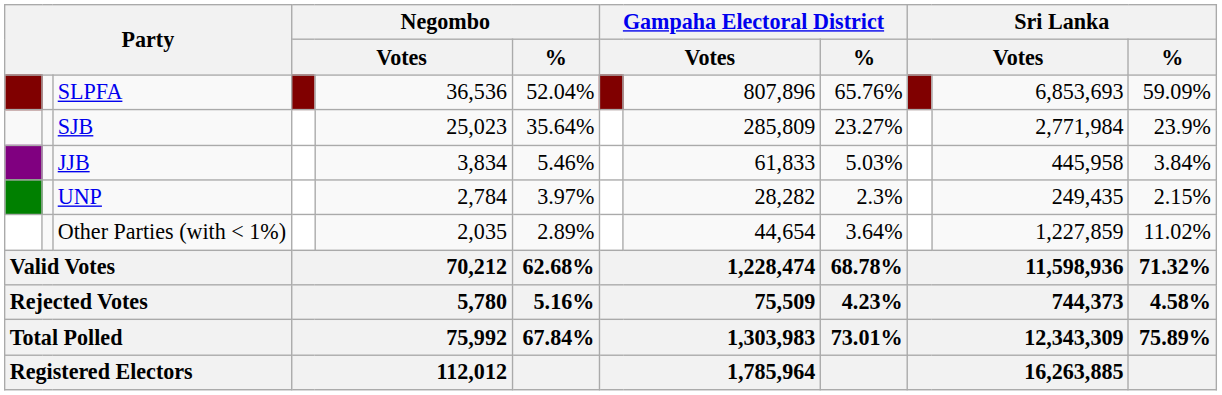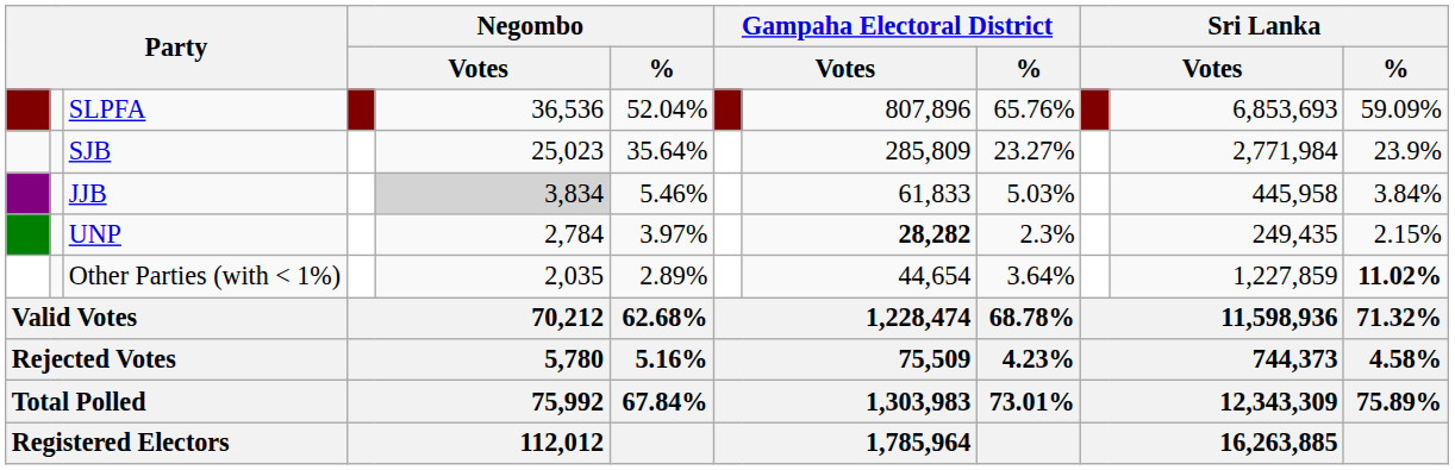 <table class="wikitable">
 <tr>
 <th colspan="3" width="144px"rowspan="2">Party</th>
 <th colspan="3" width="216px">Negombo</th>
 <th colspan="3" width="216px"><a href='#'>Gampaha Electoral District</a></th>
 <th colspan="3" width="216px">Sri Lanka</th>
 </tr>
 <tr>
 <th colspan="2" width="144px">Votes</th>
 <th>%</th>
 <th colspan="2" width="144px">Votes</th>
 <th>%</th>
 <th colspan="2" width="144px">Votes</th>
 <th>%</th>
 </tr>
 <tr>
 <td style="background-color:maroon;" width="20px"></td>
 <td></td>
 <td style="text-align:left;"><a href='#'>SLPFA</a></td>
 <td style="background-color:maroon;" width="10px"></td>
 <td style="text-align:right;">36,536</td>
 <td style="text-align:right;">52.04%</td>
 <td style="background-color:maroon;" width="10px"></td>
 <td style="text-align:right;">807,896</td>
 <td style="text-align:right;">65.76%</td>
 <td style="background-color:maroon;" width="10px"></td>
 <td style="text-align:right;">6,853,693</td>
 <td style="text-align:right;">59.09%</td>
 </tr>
 <tr>
 <td style="background-color:"></td>
 <td></td>
 <td style="text-align:left;"><a href='#'>SJB</a></td>
 <td style="background-color:white;" width="10px"></td>
 <td style="text-align:right;">25,023</td>
 <td style="text-align:right;">35.64%</td>
 <td style="background-color:white;" width="10px"></td>
 <td style="text-align:right;">285,809</td>
 <td style="text-align:right;">23.27%</td>
 <td style="background-color:white;" width="10px"></td>
 <td style="text-align:right;">2,771,984</td>
 <td style="text-align:right;">23.9%</td>
 </tr>
 <tr>
 <td style="background-color:purple;" width="20px"></td>
 <td></td>
 <td style="text-align:left;"><a href='#'>JJB</a></td>
 <td style="background-color:white;" width="10px"></td>
-<td style="text-align:right;">3,834</td>
+<td style="background: lightgrey; text-align:right;">3,834</td>
 <td style="text-align:right;">5.46%</td>
 <td style="background-color:white;" width="10px"></td>
 <td style="text-align:right;">61,833</td>
 <td style="text-align:right;">5.03%</td>
 <td style="background-color:white;" width="10px"></td>
 <td style="text-align:right;">445,958</td>
 <td style="text-align:right;">3.84%</td>
 </tr>
 <tr>
 <td style="background-color:green;" width="20px"></td>
 <td></td>
 <td style="text-align:left;"><a href='#'>UNP</a></td>
 <td style="background-color:white;" width="10px"></td>
 <td style="text-align:right;">2,784</td>
 <td style="text-align:right;">3.97%</td>
 <td style="background-color:white;" width="10px"></td>
-<td style="text-align:right;">28,282</td>
+<td style="text-align:right;"><strong>28,282</strong></td>
 <td style="text-align:right;">2.3%</td>
 <td style="background-color:white;" width="10px"></td>
 <td style="text-align:right;">249,435</td>
 <td style="text-align:right;">2.15%</td>
 </tr>
 <tr>
 <td style="background-color:white;" width="20px"></td>
 <td></td>
 <td style="text-align:left;">Other Parties (with < 1%)</td>
 <td style="background-color:white;" width="10px"></td>
 <td style="text-align:right;">2,035</td>
 <td style="text-align:right;">2.89%</td>
 <td style="background-color:white;" width="10px"></td>
 <td style="text-align:right;">44,654</td>
 <td style="text-align:right;">3.64%</td>
 <td style="background-color:white;" width="10px"></td>
 <td style="text-align:right;">1,227,859</td>
-<td style="text-align:right;">11.02%</td>
+<td style="text-align:right;"><strong>11.02%</strong></td>
 </tr>
 <tr>
 <th colspan="3" width="144px"style="text-align:left;">Valid Votes</th>
 <th style="text-align:right;"colspan="2" width="144px">70,212</th>
 <th style="text-align:right;">62.68%</th>
 <th style="text-align:right;"colspan="2" width="144px">1,228,474</th>
 <th style="text-align:right;">68.78%</th>
 <th style="text-align:right;"colspan="2" width="144px">11,598,936</th>
 <th style="text-align:right;">71.32%</th>
 </tr>
 <tr>
 <th colspan="3" width="144px"style="text-align:left;">Rejected Votes</th>
 <th style="text-align:right;"colspan="2" width="144px">5,780</th>
 <th style="text-align:right;">5.16%</th>
 <th style="text-align:right;"colspan="2" width="144px">75,509</th>
 <th style="text-align:right;">4.23%</th>
 <th style="text-align:right;"colspan="2" width="144px">744,373</th>
 <th style="text-align:right;">4.58%</th>
 </tr>
 <tr>
 <th colspan="3" width="144px"style="text-align:left;">Total Polled</th>
 <th style="text-align:right;"colspan="2" width="144px">75,992</th>
 <th style="text-align:right;">67.84%</th>
 <th style="text-align:right;"colspan="2" width="144px">1,303,983</th>
 <th style="text-align:right;">73.01%</th>
 <th style="text-align:right;"colspan="2" width="144px">12,343,309</th>
 <th style="text-align:right;">75.89%</th>
 </tr>
 <tr>
 <th colspan="3" width="144px"style="text-align:left;">Registered Electors</th>
 <th style="text-align:right;"colspan="2" width="144px">112,012</th>
 <th></th>
 <th style="text-align:right;"colspan="2" width="144px">1,785,964</th>
 <th></th>
 <th style="text-align:right;"colspan="2" width="144px">16,263,885</th>
 <th></th>
 </tr>
 </table>
